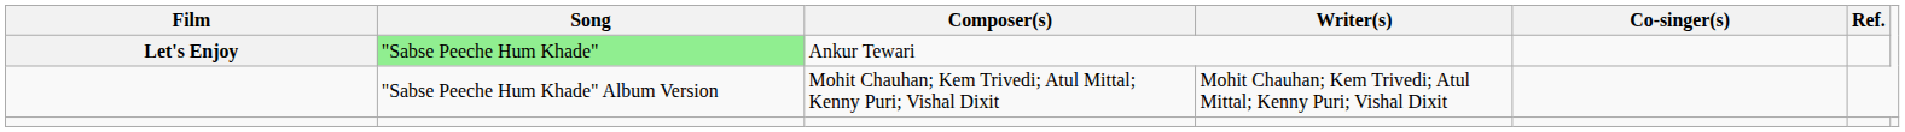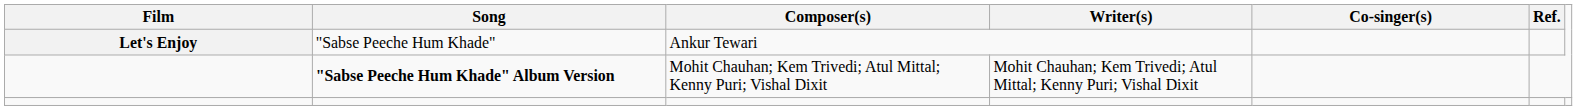 <table class="wikitable plainrowheaders" width="100%" "textcolor:#000;">
 <tr>
 <th scope="col" width=20%><strong>Film</strong></th>
 <th scope="col" width=23%><strong>Song</strong></th>
 <th scope="col" width=21%><strong>Composer(s)</strong></th>
 <th scope="col" width=17%><strong>Writer(s)</strong></th>
 <th scope="col" width=18%><strong>Co-singer(s)</strong></th>
 <th scope="col" width=1%><strong>Ref.</strong></th>
 </tr>
 <tr>
 <th scope="row"><strong>Let's Enjoy</strong></th>
-<td style="background: lightgreen;">"Sabse Peeche Hum Khade"</td>
+<td>"Sabse Peeche Hum Khade"</td>
 <td colspan="2">Ankur Tewari</td>
 <td></td>
 <td></td>
 </tr>
 <tr>
 <td></td>
-<td>"Sabse Peeche Hum Khade" Album Version</td>
+<td><strong>"Sabse Peeche Hum Khade" Album Version</strong></td>
 <td>Mohit Chauhan; Kem Trivedi; Atul Mittal; Kenny Puri; Vishal Dixit</td>
 <td>Mohit Chauhan; Kem Trivedi; Atul Mittal; Kenny Puri; Vishal Dixit</td>
 <td></td>
 </tr>
 <tr>
 <td></td>
 <td></td>
 <td></td>
 <td></td>
 <td></td>
 <td></td>
 <td></td>
 </tr>
 </table>
